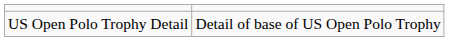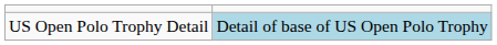 <table class="wikitable" style="text-align: center;">
 <tr>
 <td></td>
 <td></td>
 </tr>
 <tr>
 <td>US Open Polo Trophy Detail</td>
-<td>Detail of base of US Open Polo Trophy</td>
+<td style="background: lightblue;">Detail of base of US Open Polo Trophy</td>
 </tr>
 </table>
